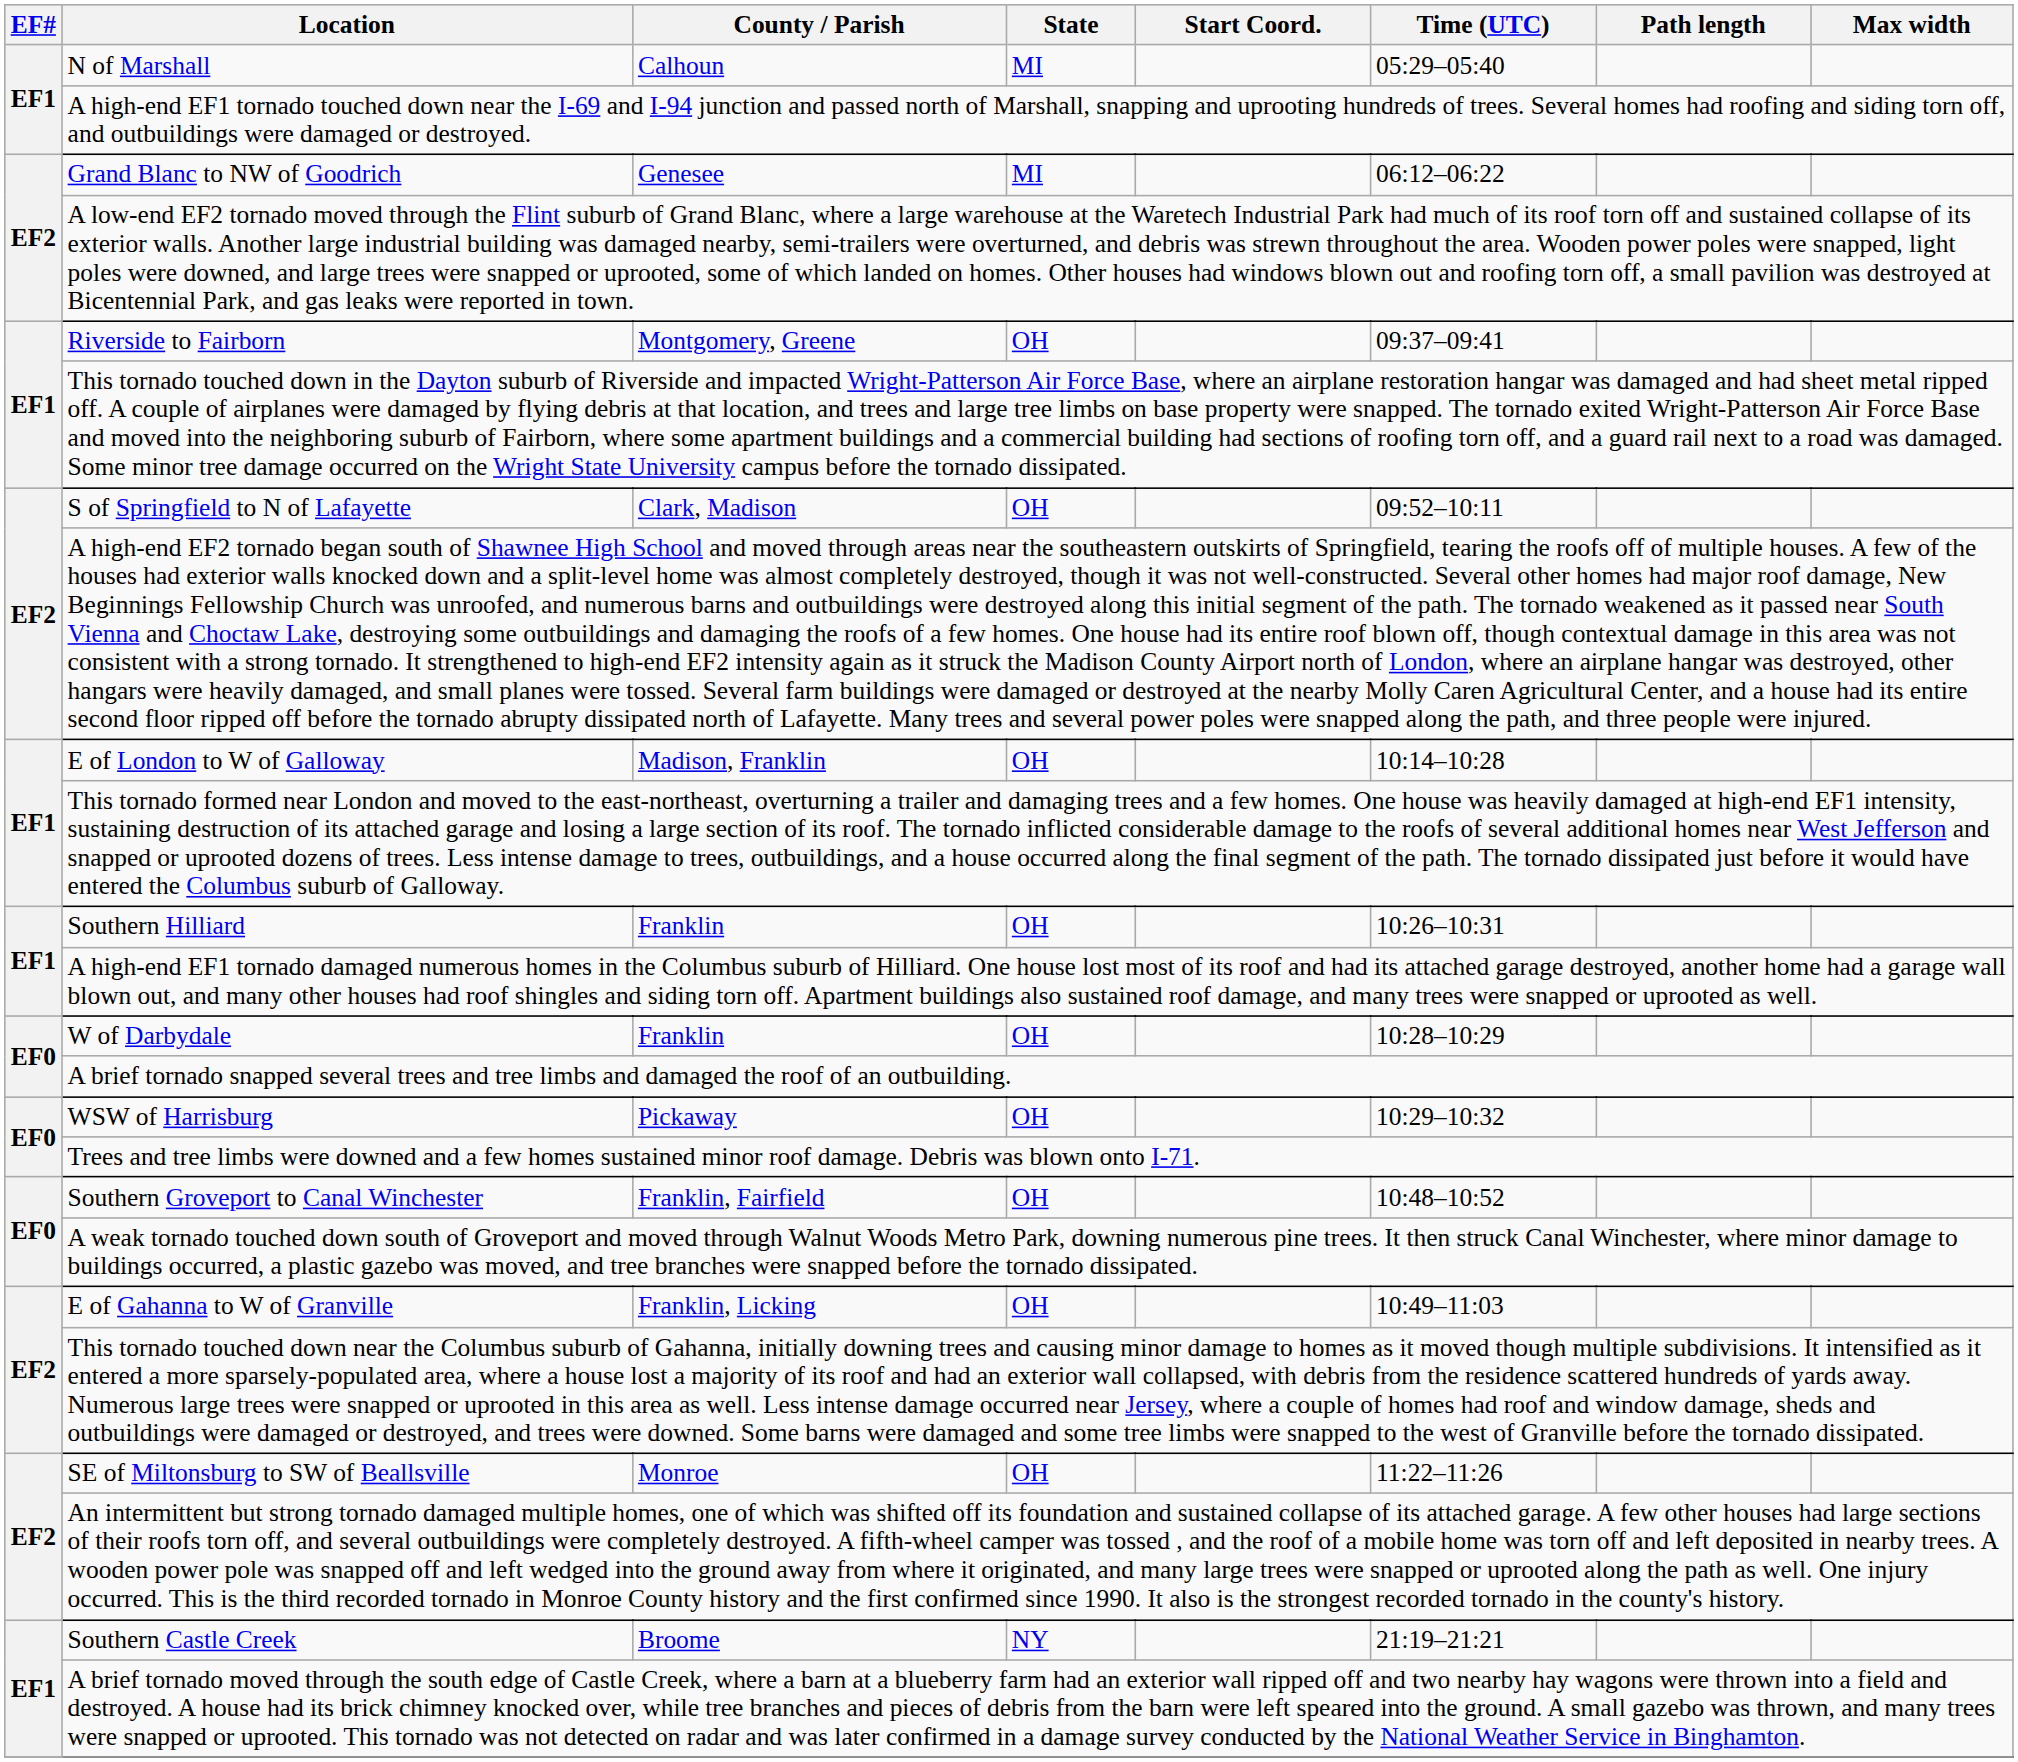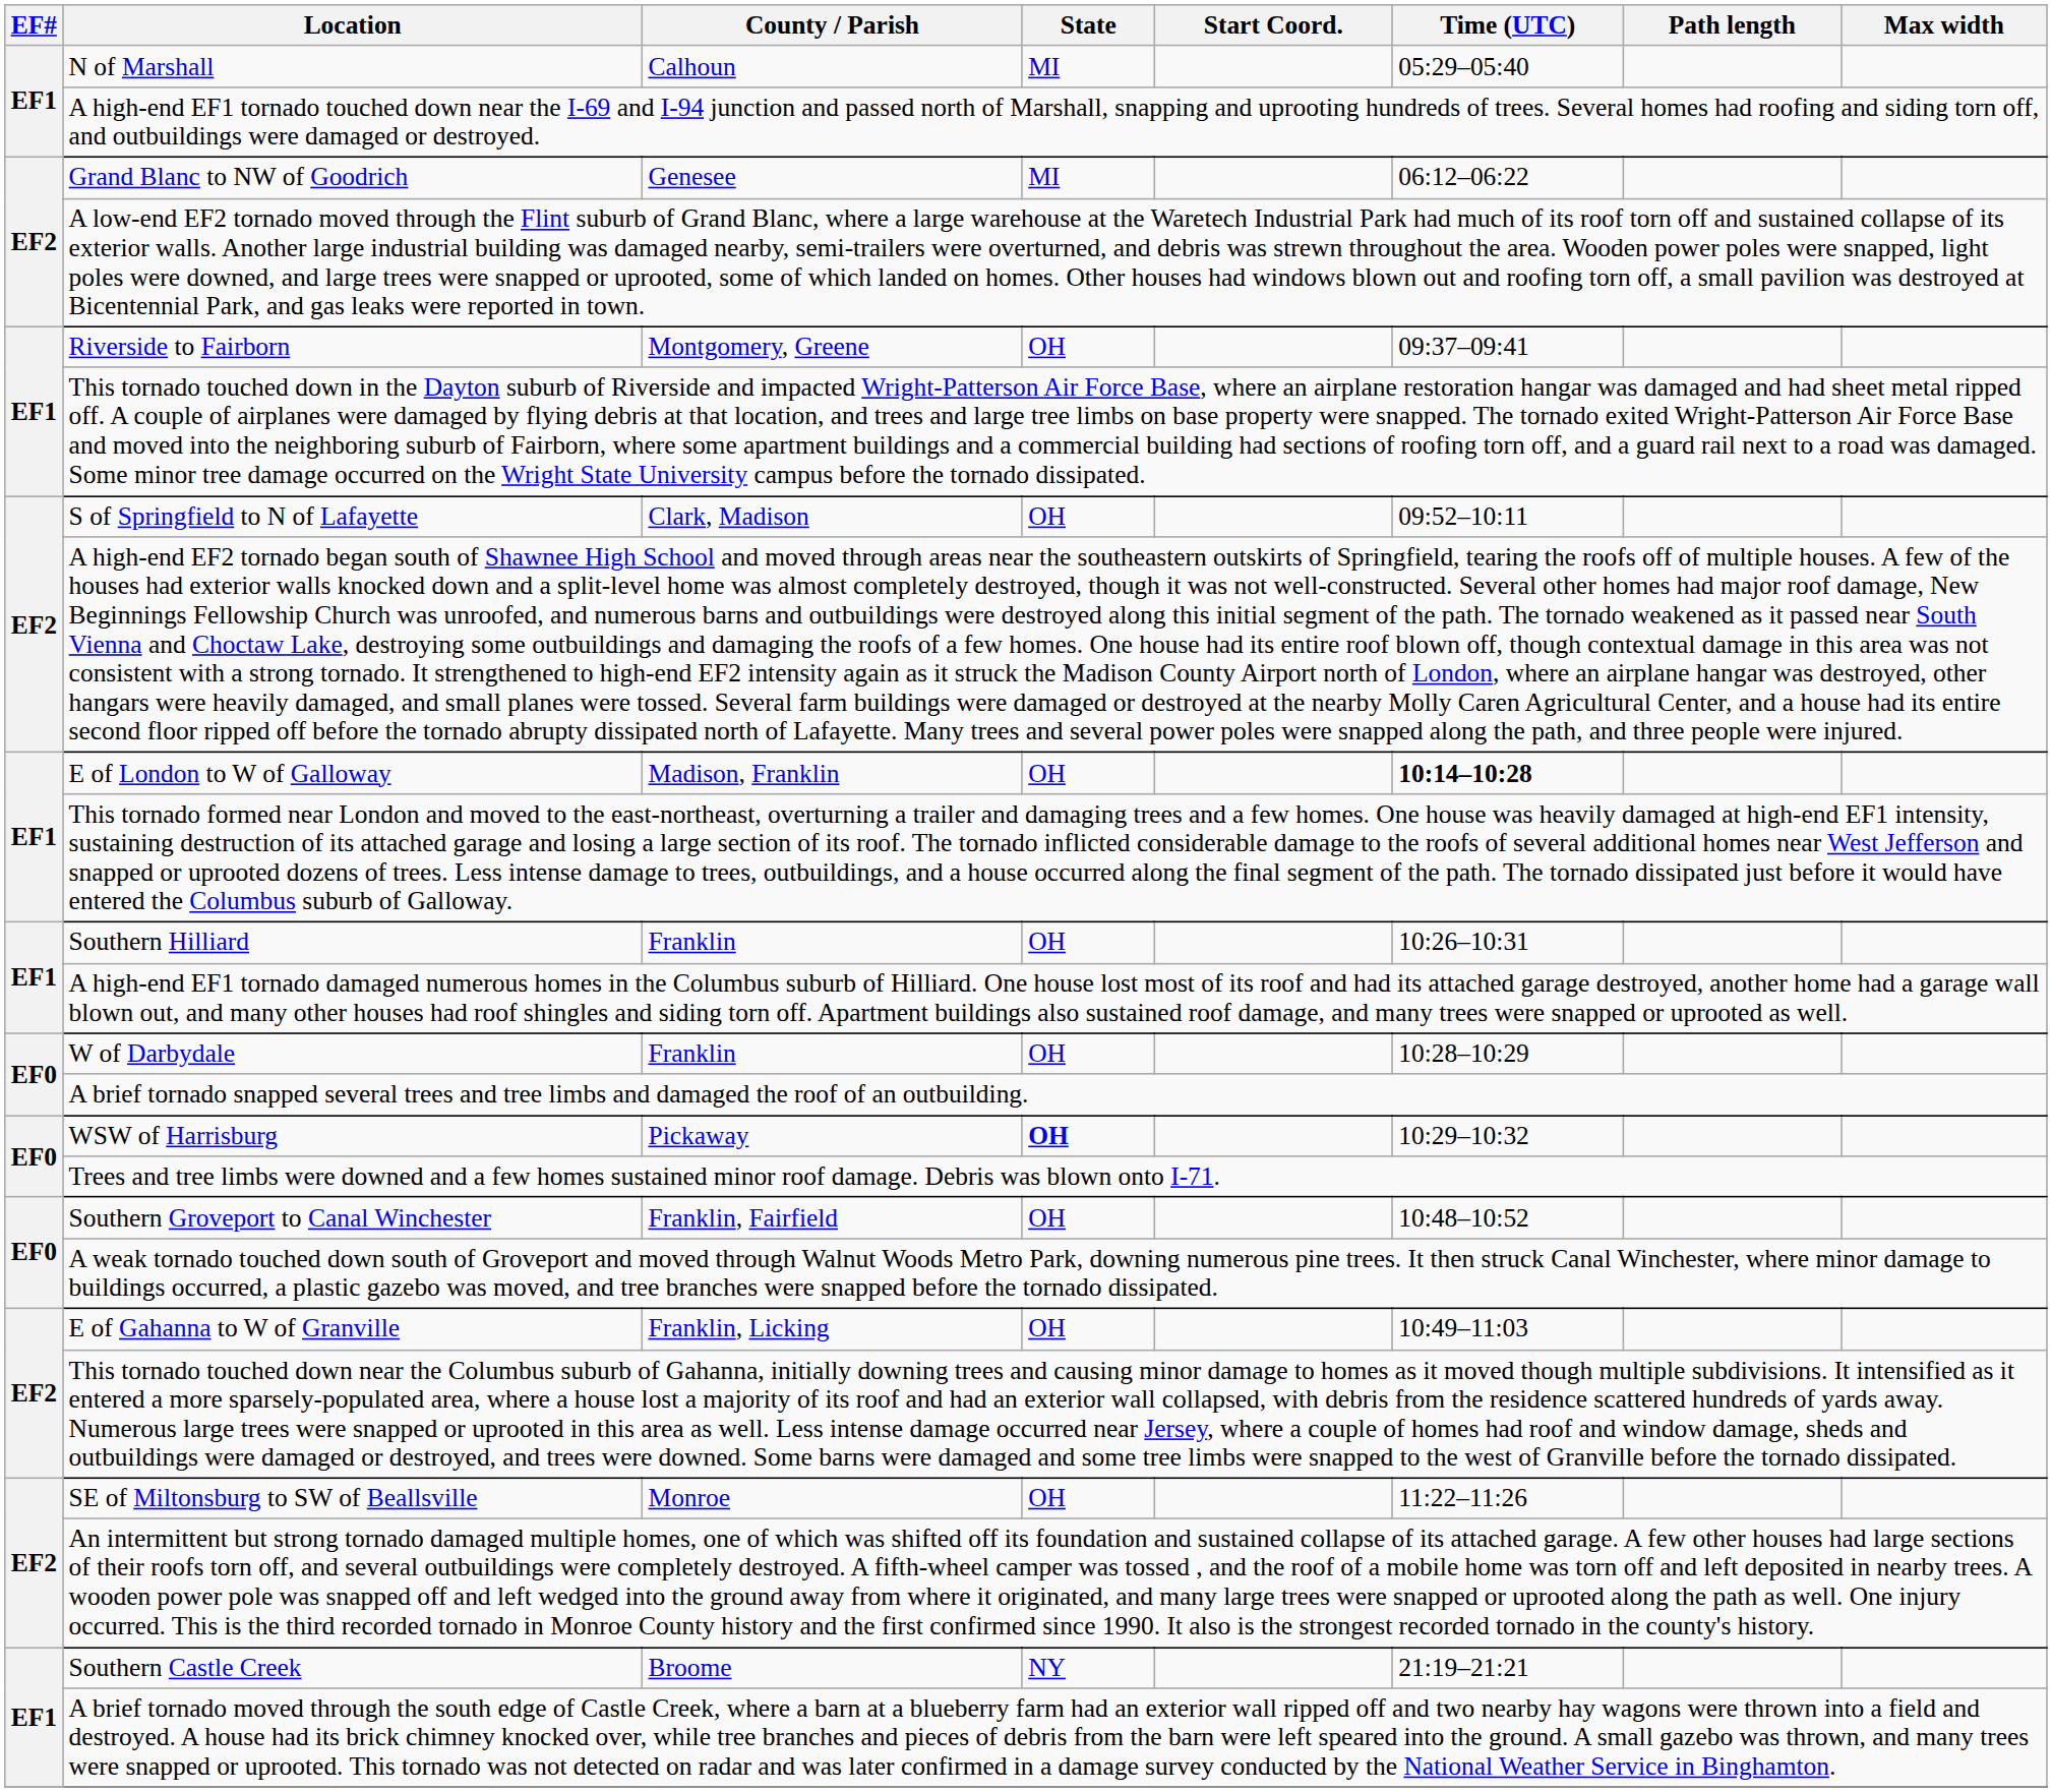 <table class="wikitable sortable" style="width:100%;">
 <tr>
 <th scope="col" width="2%" align="center"><a href='#'>EF#</a></th>
 <th scope="col" align="center" class="unsortable">Location</th>
 <th scope="col" align="center" class="unsortable">County / Parish</th>
 <th scope="col" align="center">State</th>
 <th scope="col" align="center">Start Coord.</th>
 <th scope="col" align="center">Time (<a href='#'>UTC</a>)</th>
 <th scope="col" align="center">Path length</th>
 <th scope="col" align="center">Max width</th>
 </tr>
 <tr>
 <th scope="row" rowspan="2" style="background-color:#">EF1</th>
 <td>N of <a href='#'>Marshall</a></td>
 <td><a href='#'>Calhoun</a></td>
 <td><a href='#'>MI</a></td>
 <td></td>
 <td>05:29–05:40</td>
 <td></td>
 <td></td>
 </tr>
 <tr class="expand-child">
 <td colspan="8" style=" border-bottom: 1px solid black;">A high-end EF1 tornado touched down near the <a href='#'>I-69</a> and <a href='#'>I-94</a> junction and passed north of Marshall, snapping and uprooting hundreds of trees. Several homes had roofing and siding torn off, and outbuildings were damaged or destroyed.</td>
 </tr>
 <tr>
 <th scope="row" rowspan="2" style="background-color:#">EF2</th>
 <td><a href='#'>Grand Blanc</a> to NW of <a href='#'>Goodrich</a></td>
 <td><a href='#'>Genesee</a></td>
 <td><a href='#'>MI</a></td>
 <td></td>
 <td>06:12–06:22</td>
 <td></td>
 <td></td>
 </tr>
 <tr class="expand-child">
 <td colspan="8" style=" border-bottom: 1px solid black;">A low-end EF2 tornado moved through the <a href='#'>Flint</a> suburb of Grand Blanc, where a large warehouse at the Waretech Industrial Park had much of its roof torn off and sustained collapse of its exterior walls. Another large industrial building was damaged nearby, semi-trailers were overturned, and debris was strewn throughout the area. Wooden power poles were snapped, light poles were downed, and large trees were snapped or uprooted, some of which landed on homes. Other houses had windows blown out and roofing torn off, a small pavilion was destroyed at Bicentennial Park, and gas leaks were reported in town.</td>
 </tr>
 <tr>
 <th scope="row" rowspan="2" style="background-color:#">EF1</th>
 <td><a href='#'>Riverside</a> to <a href='#'>Fairborn</a></td>
 <td><a href='#'>Montgomery</a>, <a href='#'>Greene</a></td>
 <td><a href='#'>OH</a></td>
 <td></td>
 <td>09:37–09:41</td>
 <td></td>
 <td></td>
 </tr>
 <tr class="expand-child">
 <td colspan="8" style=" border-bottom: 1px solid black;">This tornado touched down in the <a href='#'>Dayton</a> suburb of Riverside and impacted <a href='#'>Wright-Patterson Air Force Base</a>, where an airplane restoration hangar was damaged and had sheet metal ripped off. A couple of airplanes were damaged by flying debris at that location, and trees and large tree limbs on base property were snapped. The tornado exited Wright-Patterson Air Force Base and moved into the neighboring suburb of Fairborn, where some apartment buildings and a commercial building had sections of roofing torn off, and a guard rail next to a road was damaged. Some minor tree damage occurred on the <a href='#'>Wright State University</a> campus before the tornado dissipated.</td>
 </tr>
 <tr>
 <th scope="row" rowspan="2" style="background-color:#">EF2</th>
 <td>S of <a href='#'>Springfield</a> to N of <a href='#'>Lafayette</a></td>
 <td><a href='#'>Clark</a>, <a href='#'>Madison</a></td>
 <td><a href='#'>OH</a></td>
 <td></td>
 <td>09:52–10:11</td>
 <td></td>
 <td></td>
 </tr>
 <tr class="expand-child">
 <td colspan="8" style=" border-bottom: 1px solid black;">A high-end EF2 tornado began south of <a href='#'>Shawnee High School</a> and moved through areas near the southeastern outskirts of Springfield, tearing the roofs off of multiple houses. A few of the houses had exterior walls knocked down and a split-level home was almost completely destroyed, though it was not well-constructed. Several other homes had major roof damage, New Beginnings Fellowship Church was unroofed, and numerous barns and outbuildings were destroyed along this initial segment of the path. The tornado weakened as it passed near <a href='#'>South Vienna</a> and <a href='#'>Choctaw Lake</a>, destroying some outbuildings and damaging the roofs of a few homes. One house had its entire roof blown off, though contextual damage in this area was not consistent with a strong tornado. It strengthened to high-end EF2 intensity again as it struck the Madison County Airport north of <a href='#'>London</a>, where an airplane hangar was destroyed, other hangars were heavily damaged, and small planes were tossed. Several farm buildings were damaged or destroyed at the nearby Molly Caren Agricultural Center, and a house had its entire second floor ripped off before the tornado abrupty dissipated north of Lafayette. Many trees and several power poles were snapped along the path, and three people were injured.</td>
 </tr>
 <tr>
 <th scope="row" rowspan="2" style="background-color:#">EF1</th>
 <td>E of <a href='#'>London</a> to W of <a href='#'>Galloway</a></td>
 <td><a href='#'>Madison</a>, <a href='#'>Franklin</a></td>
 <td><a href='#'>OH</a></td>
 <td></td>
-<td>10:14–10:28</td>
+<td><strong>10:14–10:28</strong></td>
 <td></td>
 <td></td>
 </tr>
 <tr class="expand-child">
 <td colspan="8" style=" border-bottom: 1px solid black;">This tornado formed near London and moved to the east-northeast, overturning a trailer and damaging trees and a few homes. One house was heavily damaged at high-end EF1 intensity, sustaining destruction of its attached garage and losing a large section of its roof. The tornado inflicted considerable damage to the roofs of several additional homes near <a href='#'>West Jefferson</a> and snapped or uprooted dozens of trees. Less intense damage to trees, outbuildings, and a house occurred along the final segment of the path. The tornado dissipated just before it would have entered the <a href='#'>Columbus</a> suburb of Galloway.</td>
 </tr>
 <tr>
 <th scope="row" rowspan="2" style="background-color:#">EF1</th>
 <td>Southern <a href='#'>Hilliard</a></td>
 <td><a href='#'>Franklin</a></td>
 <td><a href='#'>OH</a></td>
 <td></td>
 <td>10:26–10:31</td>
 <td></td>
 <td></td>
 </tr>
 <tr class="expand-child">
 <td colspan="8" style=" border-bottom: 1px solid black;">A high-end EF1 tornado damaged numerous homes in the Columbus suburb of Hilliard. One house lost most of its roof and had its attached garage destroyed, another home had a garage wall blown out, and many other houses had roof shingles and siding torn off. Apartment buildings also sustained roof damage, and many trees were snapped or uprooted as well.</td>
 </tr>
 <tr>
 <th scope="row" rowspan="2" style="background-color:#">EF0</th>
 <td>W of <a href='#'>Darbydale</a></td>
 <td><a href='#'>Franklin</a></td>
 <td><a href='#'>OH</a></td>
 <td></td>
 <td>10:28–10:29</td>
 <td></td>
 <td></td>
 </tr>
 <tr class="expand-child">
 <td colspan="8" style=" border-bottom: 1px solid black;">A brief tornado snapped several trees and tree limbs and damaged the roof of an outbuilding.</td>
 </tr>
 <tr>
 <th scope="row" rowspan="2" style="background-color:#">EF0</th>
 <td>WSW of <a href='#'>Harrisburg</a></td>
 <td><a href='#'>Pickaway</a></td>
-<td><a href='#'>OH</a></td>
+<td><strong><a href='#'>OH</a></strong></td>
 <td></td>
 <td>10:29–10:32</td>
 <td></td>
 <td></td>
 </tr>
 <tr class="expand-child">
 <td colspan="8" style=" border-bottom: 1px solid black;">Trees and tree limbs were downed and a few homes sustained minor roof damage. Debris was blown onto <a href='#'>I-71</a>.</td>
 </tr>
 <tr>
 <th scope="row" rowspan="2" style="background-color:#">EF0</th>
 <td>Southern <a href='#'>Groveport</a> to <a href='#'>Canal Winchester</a></td>
 <td><a href='#'>Franklin</a>, <a href='#'>Fairfield</a></td>
 <td><a href='#'>OH</a></td>
 <td></td>
 <td>10:48–10:52</td>
 <td></td>
 <td></td>
 </tr>
 <tr class="expand-child">
 <td colspan="8" style=" border-bottom: 1px solid black;">A weak tornado touched down south of Groveport and moved through Walnut Woods Metro Park, downing numerous pine trees. It then struck Canal Winchester, where minor damage to buildings occurred, a plastic gazebo was moved, and tree branches were snapped before the tornado dissipated.</td>
 </tr>
 <tr>
 <th scope="row" rowspan="2" style="background-color:#">EF2</th>
 <td>E of <a href='#'>Gahanna</a> to W of <a href='#'>Granville</a></td>
 <td><a href='#'>Franklin</a>, <a href='#'>Licking</a></td>
 <td><a href='#'>OH</a></td>
 <td></td>
 <td>10:49–11:03</td>
 <td></td>
 <td></td>
 </tr>
 <tr class="expand-child">
 <td colspan="8" style=" border-bottom: 1px solid black;">This tornado touched down near the Columbus suburb of Gahanna, initially downing trees and causing minor damage to homes as it moved though multiple subdivisions. It intensified as it entered a more sparsely-populated area, where a house lost a majority of its roof and had an exterior wall collapsed, with debris from the residence scattered hundreds of yards away. Numerous large trees were snapped or uprooted in this area as well. Less intense damage occurred near <a href='#'>Jersey</a>, where a couple of homes had roof and window damage, sheds and outbuildings were damaged or destroyed, and trees were downed. Some barns were damaged and some tree limbs were snapped to the west of Granville before the tornado dissipated.</td>
 </tr>
 <tr>
 <th scope="row" rowspan="2" style="background-color:#">EF2</th>
 <td>SE of <a href='#'>Miltonsburg</a> to SW of <a href='#'>Beallsville</a></td>
 <td><a href='#'>Monroe</a></td>
 <td><a href='#'>OH</a></td>
 <td></td>
 <td>11:22–11:26</td>
 <td></td>
 <td></td>
 </tr>
 <tr class="expand-child">
 <td colspan="8" style=" border-bottom: 1px solid black;">An intermittent but strong tornado damaged multiple homes, one of which was shifted off its foundation and sustained collapse of its attached garage. A few other houses had large sections of their roofs torn off, and several outbuildings were completely destroyed. A fifth-wheel camper was tossed , and the roof of a mobile home was torn off and left deposited in nearby trees. A wooden power pole was snapped off and left wedged into the ground  away from where it originated, and many large trees were snapped or uprooted along the path as well. One injury occurred. This is the third recorded tornado in Monroe County history and the first confirmed since 1990. It also is the strongest recorded tornado in the county's history.</td>
 </tr>
 <tr>
 <th scope="row" rowspan="2" style="background-color:#">EF1</th>
 <td>Southern <a href='#'>Castle Creek</a></td>
 <td><a href='#'>Broome</a></td>
 <td><a href='#'>NY</a></td>
 <td></td>
 <td>21:19–21:21</td>
 <td></td>
 <td></td>
 </tr>
 <tr class="expand-child">
 <td colspan="8" style=" border-bottom: 1px solid black;">A brief tornado moved through the south edge of Castle Creek, where a barn at a blueberry farm had an exterior wall ripped off and two nearby hay wagons were thrown into a field and destroyed. A house had its brick chimney knocked over, while tree branches and pieces of debris from the barn were left speared into the ground. A small gazebo was thrown, and many trees were snapped or uprooted. This tornado was not detected on radar and was later confirmed in a damage survey conducted by the <a href='#'>National Weather Service in Binghamton</a>.</td>
 </tr>
 <tr>
 </tr>
 </table>
